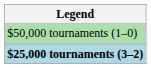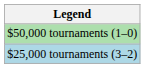 <table class="wikitable" style="font-size:85%;">
 <tr>
 <th>Legend</th>
 </tr>
 <tr style="background:#addfad;">
 <td>$50,000 tournaments (1–0)</td>
 </tr>
 <tr style="background:lightblue;">
-<td><strong>$25,000 tournaments (3–2)</strong></td>
+<td>$25,000 tournaments (3–2)</td>
 </tr>
 </table>
